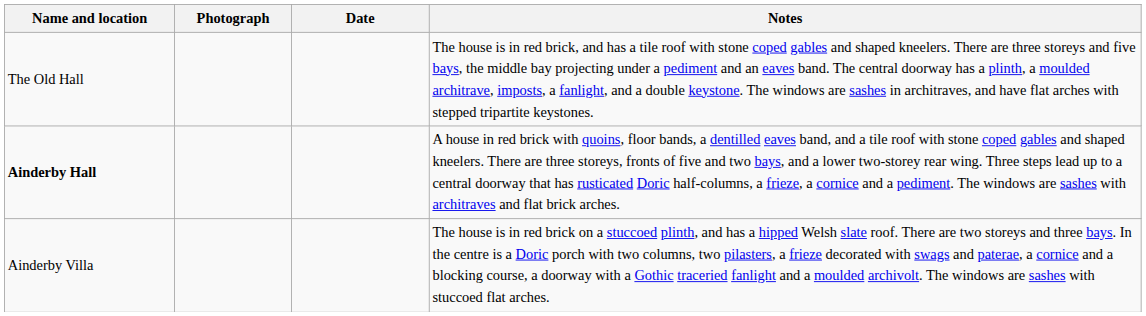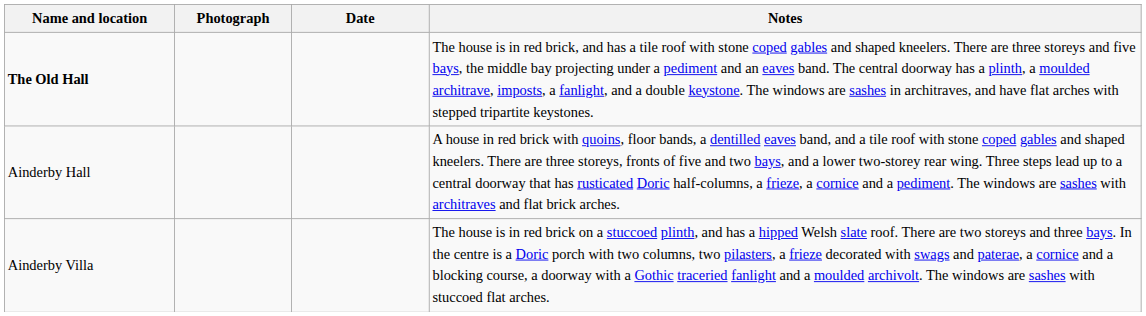 <table class="wikitable sortable plainrowheaders" style="width:100%;border:0px;text-align:left;line-height:150%;">
 <tr>
 <th scope="col"  style="width:150px">Name and location</th>
 <th scope="col"  style="width:100px" class="unsortable">Photograph</th>
 <th scope="col"  style="width:120px">Date</th>
 <th scope="col"  style="width:650px" class="unsortable">Notes</th>
 </tr>
 <tr>
-<td>The Old Hall<br><small></small></td>
+<td><strong>The Old Hall<br><small></small></strong></td>
 <td></td>
 <td align="center"></td>
 <td>The house is in red brick, and has a tile roof with stone <a href='#'>coped</a> <a href='#'>gables</a> and shaped kneelers.  There are three storeys and five <a href='#'>bays</a>, the middle bay projecting under a <a href='#'>pediment</a> and an <a href='#'>eaves</a> band.  The central doorway has a <a href='#'>plinth</a>, a <a href='#'>moulded</a> <a href='#'>architrave</a>, <a href='#'>imposts</a>, a <a href='#'>fanlight</a>, and a double <a href='#'>keystone</a>.  The windows are <a href='#'>sashes</a> in architraves, and have flat arches with stepped tripartite keystones.</td>
 </tr>
 <tr>
-<td><strong>Ainderby Hall<br><small></small></strong></td>
+<td>Ainderby Hall<br><small></small></td>
 <td></td>
 <td align="center"></td>
 <td>A house in red brick with <a href='#'>quoins</a>, floor bands, a <a href='#'>dentilled</a> <a href='#'>eaves</a> band, and a tile roof with stone <a href='#'>coped</a> <a href='#'>gables</a> and shaped kneelers.  There are three storeys, fronts of five and two <a href='#'>bays</a>, and a lower two-storey rear wing.  Three steps lead up to a central doorway that has <a href='#'>rusticated</a> <a href='#'>Doric</a> half-columns, a <a href='#'>frieze</a>, a <a href='#'>cornice</a> and a <a href='#'>pediment</a>.   The windows are <a href='#'>sashes</a> with <a href='#'>architraves</a> and flat brick arches.</td>
 </tr>
 <tr>
 <td>Ainderby Villa<br><small></small></td>
 <td></td>
 <td align="center"></td>
 <td>The house is in red brick on a <a href='#'>stuccoed</a> <a href='#'>plinth</a>, and has a <a href='#'>hipped</a> Welsh <a href='#'>slate</a> roof.  There are two storeys and three <a href='#'>bays</a>.  In the centre is a <a href='#'>Doric</a> porch with two columns, two <a href='#'>pilasters</a>, a <a href='#'>frieze</a> decorated with <a href='#'>swags</a> and <a href='#'>paterae</a>, a <a href='#'>cornice</a> and a blocking course, a doorway with a <a href='#'>Gothic</a> <a href='#'>traceried</a> <a href='#'>fanlight</a> and a <a href='#'>moulded</a> <a href='#'>archivolt</a>.  The windows are <a href='#'>sashes</a> with stuccoed flat arches.</td>
 </tr>
 <tr>
 </tr>
 </table>
